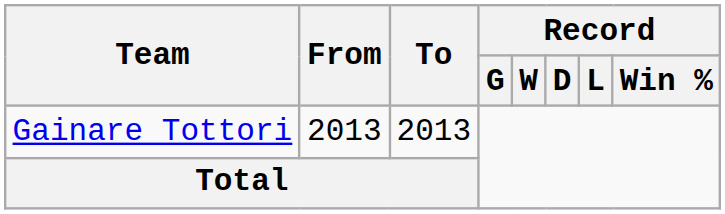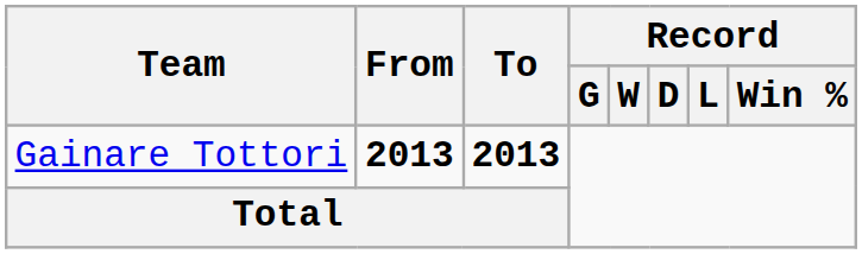 <table class="wikitable" style="text-align: center">
 <tr>
 <th rowspan="2">Team</th>
 <th rowspan="2">From</th>
 <th rowspan="2">To</th>
 <th colspan="5">Record</th>
 </tr>
 <tr>
 <th>G</th>
 <th>W</th>
 <th>D</th>
 <th>L</th>
 <th>Win %</th>
 </tr>
 <tr>
 <td align="left"><a href='#'>Gainare Tottori</a></td>
-<td align="left">2013</td>
-<td align="left">2013<br></td>
+<td align="left"><strong>2013</strong></td>
+<td align="left"><strong>2013<br></strong></td>
 </tr>
 <tr>
 <th colspan="3">Total<br></th>
 </tr>
 </table>
